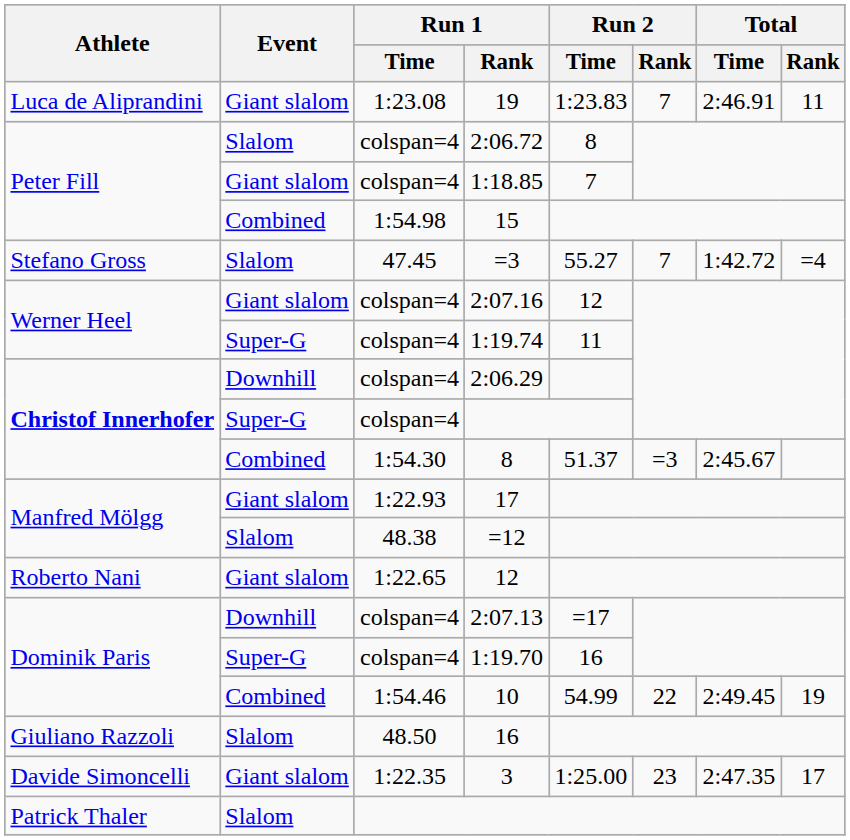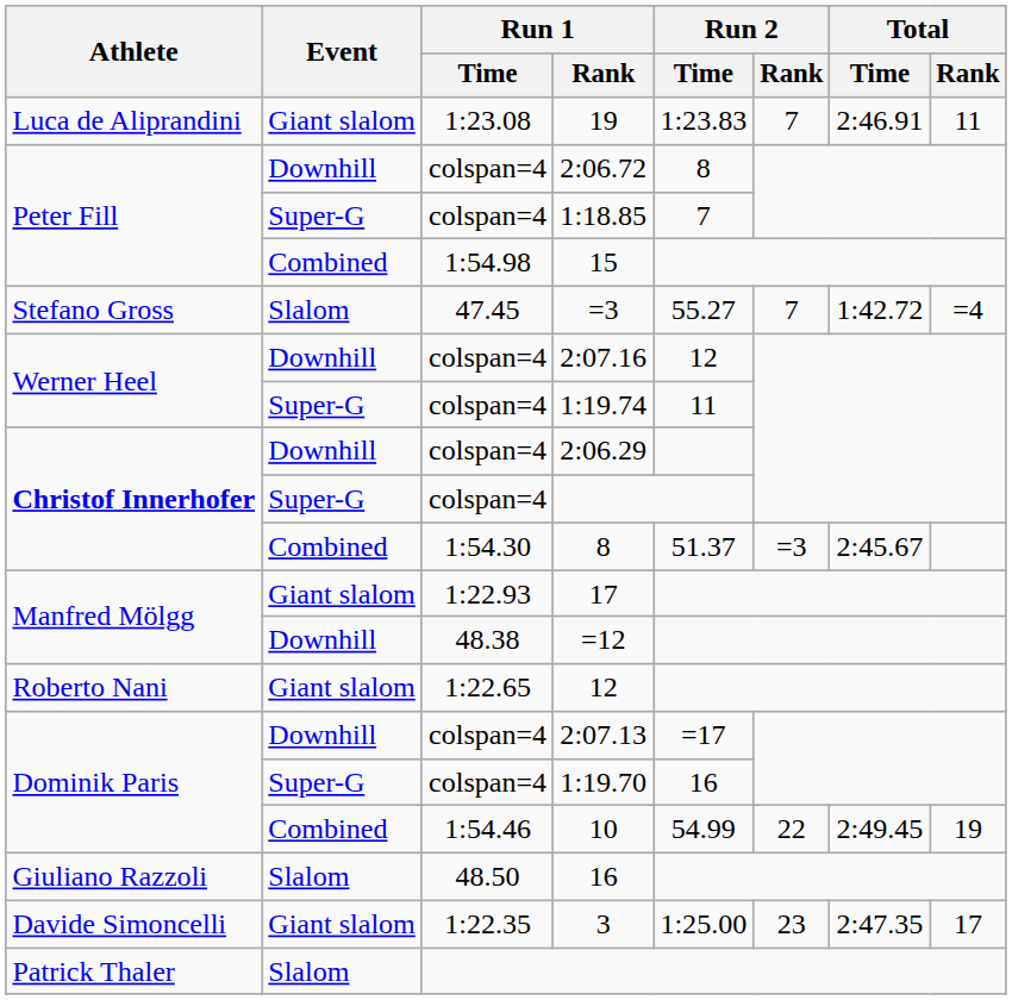 <table class="wikitable" style="font-size:90%">
 <tr>
 <th rowspan=2>Athlete</th>
 <th rowspan=2>Event</th>
 <th colspan=2>Run 1</th>
 <th colspan=2>Run 2</th>
 <th colspan=2>Total</th>
 </tr>
 <tr style="font-size:95%">
 <th>Time</th>
 <th>Rank</th>
 <th>Time</th>
 <th>Rank</th>
 <th>Time</th>
 <th>Rank</th>
 </tr>
 <tr align=center>
 <td align=left><a href='#'>Luca de Aliprandini</a></td>
 <td align=left><a href='#'>Giant slalom</a></td>
 <td>1:23.08</td>
 <td>19</td>
 <td>1:23.83</td>
 <td>7</td>
 <td>2:46.91</td>
 <td>11</td>
 </tr>
 <tr align=center>
 <td align=left rowspan=3><a href='#'>Peter Fill</a></td>
-<td align=left><a href='#'>Slalom</a></td>
+<td align=left><a href='#'>Downhill</a></td>
 <td>colspan=4 </td>
 <td>2:06.72</td>
 <td>8</td>
 </tr>
 <tr align=center>
-<td align=left><a href='#'>Giant slalom</a></td>
+<td align=left><a href='#'>Super-G</a></td>
 <td>colspan=4 </td>
 <td>1:18.85</td>
 <td>7</td>
 </tr>
 <tr align=center>
 <td align=left><a href='#'>Combined</a></td>
 <td>1:54.98</td>
 <td>15</td>
 <td colspan=4></td>
 </tr>
 <tr align=center>
 <td align=left><a href='#'>Stefano Gross</a></td>
 <td align=left><a href='#'>Slalom</a></td>
 <td>47.45</td>
 <td>=3</td>
 <td>55.27</td>
 <td>7</td>
 <td>1:42.72</td>
 <td>=4</td>
 </tr>
 <tr align=center>
 <td align=left rowspan=2><a href='#'>Werner Heel</a></td>
-<td align=left><a href='#'>Giant slalom</a></td>
+<td align=left><a href='#'>Downhill</a></td>
 <td>colspan=4 </td>
 <td>2:07.16</td>
 <td>12</td>
 </tr>
 <tr align=center>
 <td align=left><a href='#'>Super-G</a></td>
 <td>colspan=4 </td>
 <td>1:19.74</td>
 <td>11</td>
 </tr>
 <tr align=center>
 <td align=left rowspan=3><strong><a href='#'>Christof Innerhofer</a></strong></td>
 <td align=left><a href='#'>Downhill</a></td>
 <td>colspan=4 </td>
 <td>2:06.29</td>
 <td></td>
 </tr>
 <tr align=center>
 <td align=left><a href='#'>Super-G</a></td>
 <td>colspan=4 </td>
 <td colspan=2></td>
 </tr>
 <tr align=center>
 <td align=left><a href='#'>Combined</a></td>
 <td>1:54.30</td>
 <td>8</td>
 <td>51.37</td>
 <td>=3</td>
 <td>2:45.67</td>
 <td></td>
 </tr>
 <tr align=center>
 <td align=left rowspan=2><a href='#'>Manfred Mölgg</a></td>
 <td align=left><a href='#'>Giant slalom</a></td>
 <td>1:22.93</td>
 <td>17</td>
 <td colspan=4></td>
 </tr>
 <tr align=center>
-<td align=left><a href='#'>Slalom</a></td>
+<td align=left><a href='#'>Downhill</a></td>
 <td>48.38</td>
 <td>=12</td>
 <td colspan=4></td>
 </tr>
 <tr align=center>
 <td align=left><a href='#'>Roberto Nani</a></td>
 <td align=left><a href='#'>Giant slalom</a></td>
 <td>1:22.65</td>
 <td>12</td>
 <td colspan=4></td>
 </tr>
 <tr align=center>
 <td align=left rowspan=3><a href='#'>Dominik Paris</a></td>
 <td align=left><a href='#'>Downhill</a></td>
 <td>colspan=4 </td>
 <td>2:07.13</td>
 <td>=17</td>
 </tr>
 <tr align=center>
 <td align=left><a href='#'>Super-G</a></td>
 <td>colspan=4 </td>
 <td>1:19.70</td>
 <td>16</td>
 </tr>
 <tr align=center>
 <td align=left><a href='#'>Combined</a></td>
 <td>1:54.46</td>
 <td>10</td>
 <td>54.99</td>
 <td>22</td>
 <td>2:49.45</td>
 <td>19</td>
 </tr>
 <tr align=center>
 <td align=left><a href='#'>Giuliano Razzoli</a></td>
 <td align=left><a href='#'>Slalom</a></td>
 <td>48.50</td>
 <td>16</td>
 <td colspan=4></td>
 </tr>
 <tr align=center>
 <td align=left><a href='#'>Davide Simoncelli</a></td>
 <td align=left><a href='#'>Giant slalom</a></td>
 <td>1:22.35</td>
 <td>3</td>
 <td>1:25.00</td>
 <td>23</td>
 <td>2:47.35</td>
 <td>17</td>
 </tr>
 <tr align=center>
 <td align=left><a href='#'>Patrick Thaler</a></td>
 <td align=left><a href='#'>Slalom</a></td>
 <td colspan=6></td>
 </tr>
 </table>
